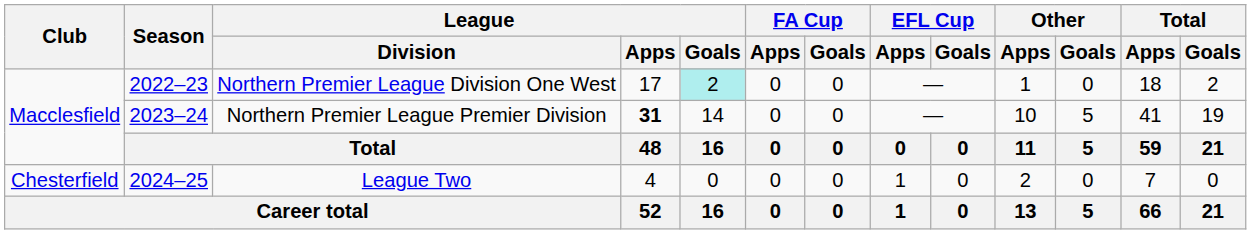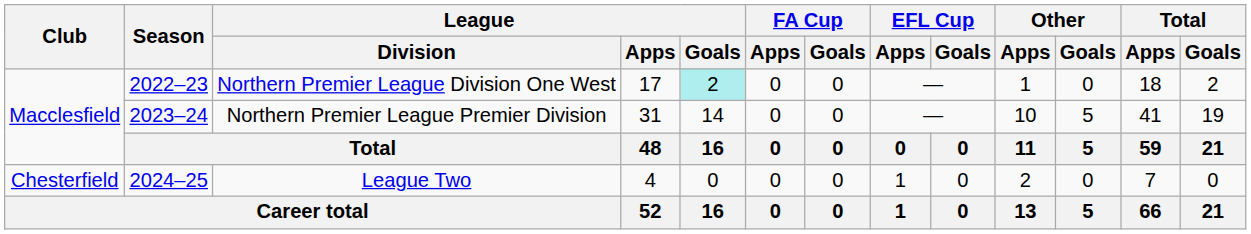 <table class="wikitable" style="text-align:center">
 <tr>
 <th rowspan="2">Club</th>
 <th rowspan="2">Season</th>
 <th colspan="3">League</th>
 <th colspan="2"><a href='#'>FA Cup</a></th>
 <th colspan="2"><a href='#'>EFL Cup</a></th>
 <th colspan="2">Other</th>
 <th colspan="2">Total</th>
 </tr>
 <tr>
 <th>Division</th>
 <th>Apps</th>
 <th>Goals</th>
 <th>Apps</th>
 <th>Goals</th>
 <th>Apps</th>
 <th>Goals</th>
 <th>Apps</th>
 <th>Goals</th>
 <th>Apps</th>
 <th>Goals</th>
 </tr>
 <tr>
 <td rowspan="3"><a href='#'>Macclesfield</a></td>
 <td><a href='#'>2022–23</a></td>
 <td><a href='#'>Northern Premier League</a> Division One West</td>
 <td>17</td>
 <td style="background: paleturquoise;">2</td>
 <td>0</td>
 <td>0</td>
 <td colspan="2">—</td>
 <td>1</td>
 <td>0</td>
 <td>18</td>
 <td>2</td>
 </tr>
 <tr>
 <td><a href='#'>2023–24</a></td>
 <td>Northern Premier League Premier Division</td>
-<td><strong>31</strong></td>
+<td>31</td>
 <td>14</td>
 <td>0</td>
 <td>0</td>
 <td colspan="2">—</td>
 <td>10</td>
 <td>5</td>
 <td>41</td>
 <td>19</td>
 </tr>
 <tr>
 <th colspan="2">Total</th>
 <th>48</th>
 <th>16</th>
 <th>0</th>
 <th>0</th>
 <th>0</th>
 <th>0</th>
 <th>11</th>
 <th>5</th>
 <th>59</th>
 <th>21</th>
 </tr>
 <tr>
 <td><a href='#'>Chesterfield</a></td>
 <td><a href='#'>2024–25</a></td>
 <td><a href='#'>League Two</a></td>
 <td>4</td>
 <td>0</td>
 <td>0</td>
 <td>0</td>
 <td>1</td>
 <td>0</td>
 <td>2</td>
 <td>0</td>
 <td>7</td>
 <td>0</td>
 </tr>
 <tr>
 <th colspan="3">Career total</th>
 <th>52</th>
 <th>16</th>
 <th>0</th>
 <th>0</th>
 <th>1</th>
 <th>0</th>
 <th>13</th>
 <th>5</th>
 <th>66</th>
 <th>21</th>
 </tr>
 </table>
